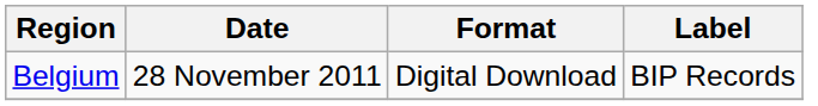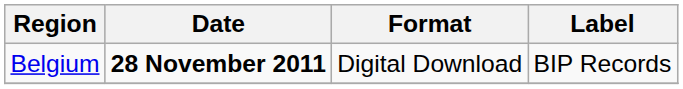 <table class=wikitable>
 <tr>
 <th>Region</th>
 <th>Date</th>
 <th>Format</th>
 <th>Label</th>
 </tr>
 <tr>
 <td><a href='#'>Belgium</a></td>
-<td>28 November 2011</td>
+<td><strong>28 November 2011</strong></td>
 <td>Digital Download</td>
 <td>BIP Records</td>
 </tr>
 <tr>
 </tr>
 </table>
